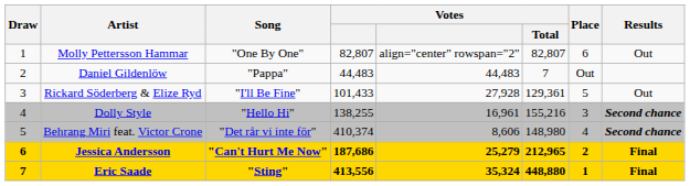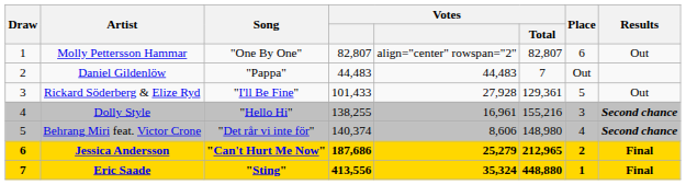 <table class="sortable wikitable" style="margin: 1em auto 1em auto; text-align:center;">
 <tr>
 <th rowspan="2">Draw</th>
 <th rowspan="2">Artist</th>
 <th rowspan="2">Song</th>
 <th colspan="3">Votes</th>
 <th rowspan="2">Place</th>
 <th rowspan="2">Results</th>
 </tr>
 <tr>
 <th></th>
 <th></th>
 <th>Total</th>
 </tr>
 <tr>
 <td>1</td>
 <td><a href='#'>Molly Pettersson Hammar</a></td>
 <td>"One By One"</td>
 <td align="right">82,807</td>
 <td>align="center" rowspan="2" </td>
 <td align="right">82,807</td>
 <td align="center">6</td>
 <td>Out</td>
 </tr>
 <tr>
 <td>2</td>
 <td><a href='#'>Daniel Gildenlöw</a></td>
 <td>"Pappa"</td>
 <td align="right">44,483</td>
 <td align="right">44,483</td>
 <td align="center">7</td>
 <td>Out</td>
 </tr>
 <tr>
 <td>3</td>
 <td><a href='#'>Rickard Söderberg</a> & <a href='#'>Elize Ryd</a></td>
 <td>"<a href='#'>I'll Be Fine</a>"</td>
 <td align="right">101,433</td>
 <td align="right">27,928</td>
 <td align="right">129,361</td>
 <td align="center">5</td>
 <td>Out</td>
 </tr>
 <tr bgcolor="silver">
 <td>4</td>
 <td><a href='#'>Dolly Style</a></td>
 <td>"<a href='#'>Hello Hi</a>"</td>
 <td align="right">138,255</td>
 <td align="right">16,961</td>
 <td align="right">155,216</td>
 <td align="center">3</td>
 <td><strong><em>Second chance</em></strong></td>
 </tr>
 <tr bgcolor="silver">
 <td>5</td>
 <td><a href='#'>Behrang Miri</a> feat. <a href='#'>Victor Crone</a></td>
 <td>"<a href='#'>Det rår vi inte för</a>"</td>
-<td align="right">410,374</td>
+<td align="right">140,374</td>
 <td align="right">8,606</td>
 <td align="right">148,980</td>
 <td align="center">4</td>
 <td><strong><em>Second chance</em></strong></td>
 </tr>
 <tr style="font-weight:bold;background:gold;">
 <td>6</td>
 <td><a href='#'>Jessica Andersson</a></td>
 <td>"<a href='#'>Can't Hurt Me Now</a>"</td>
 <td align="right">187,686</td>
 <td align="right">25,279</td>
 <td align="right">212,965</td>
 <td align="center">2</td>
 <td>Final</td>
 </tr>
 <tr style="font-weight:bold;background:gold;">
 <td>7</td>
 <td><a href='#'>Eric Saade</a></td>
 <td>"<a href='#'>Sting</a>"</td>
 <td align="right">413,556</td>
 <td align="right">35,324</td>
 <td align="right">448,880</td>
 <td align="center">1</td>
 <td>Final</td>
 </tr>
 </table>
